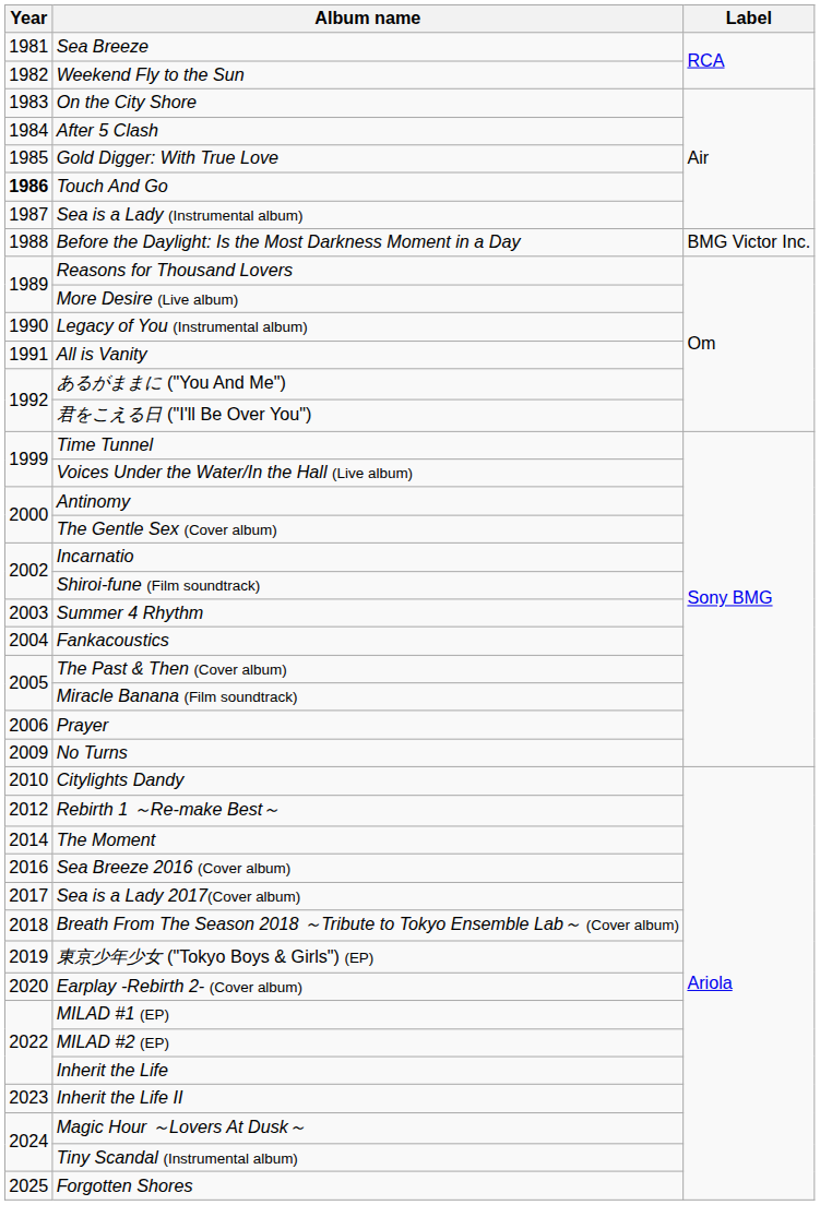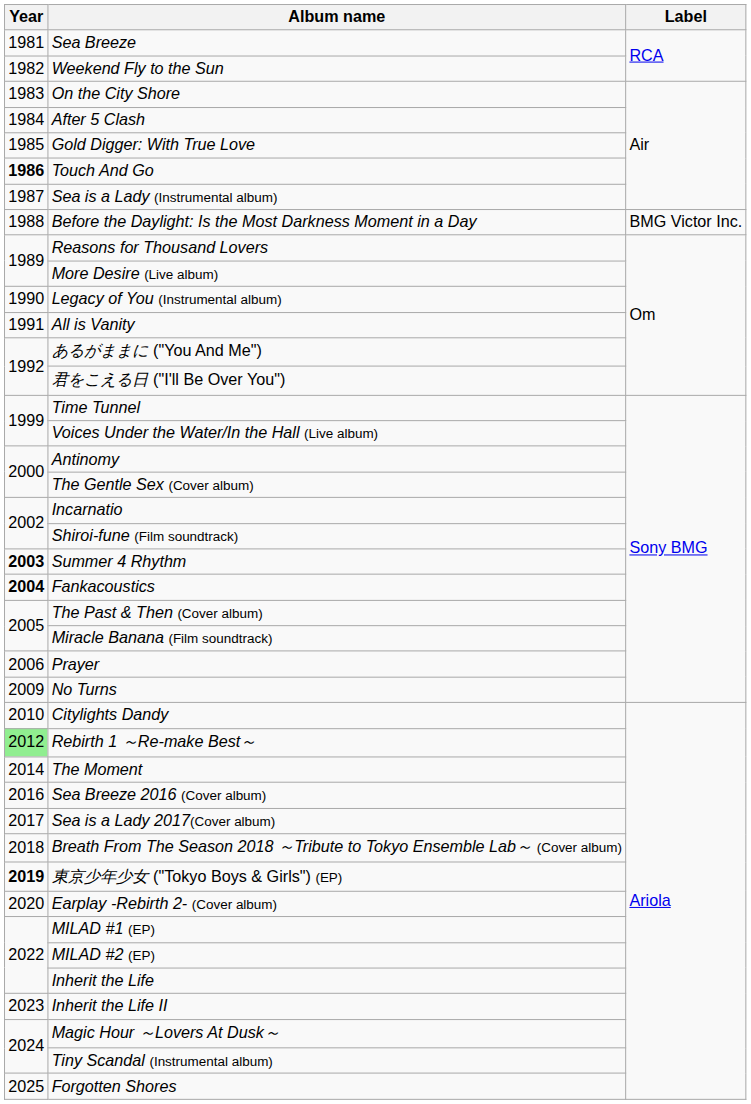 <table class="wikitable">
 <tr>
 <th>Year</th>
 <th>Album name</th>
 <th>Label</th>
 </tr>
 <tr>
 <td>1981</td>
 <td><em>Sea Breeze</em></td>
 <td rowspan="2" scope="row"><a href='#'>RCA</a></td>
 </tr>
 <tr>
 <td>1982</td>
 <td><em>Weekend Fly to the Sun</em></td>
 </tr>
 <tr>
 <td>1983</td>
 <td><em>On the City Shore</em></td>
 <td rowspan="5" scope="row">Air</td>
 </tr>
 <tr>
 <td>1984</td>
 <td><em>After 5 Clash</em></td>
 </tr>
 <tr>
 <td>1985</td>
 <td><em>Gold Digger: With True Love</em></td>
 </tr>
 <tr>
 <td><strong>1986</strong></td>
 <td><em>Touch And Go</em></td>
 </tr>
 <tr>
 <td>1987</td>
 <td><em>Sea is a Lady</em> <small>(Instrumental album)</small></td>
 </tr>
 <tr>
 <td>1988</td>
 <td><em>Before the Daylight: Is the Most Darkness Moment in a Day</em></td>
 <td>BMG Victor Inc.</td>
 </tr>
 <tr>
 <td rowspan="2" scope="row">1989</td>
 <td><em>Reasons for Thousand Lovers</em></td>
 <td rowspan="6" scope="row">Om</td>
 </tr>
 <tr>
 <td><em>More Desire</em> <small>(Live album)</small></td>
 </tr>
 <tr>
 <td>1990</td>
 <td><em>Legacy of You</em> <small>(Instrumental album)</small></td>
 </tr>
 <tr>
 <td>1991</td>
 <td><em>All is Vanity</em></td>
 </tr>
 <tr>
 <td rowspan="2">1992</td>
 <td><em>あるがままに</em> ("You And Me")</td>
 </tr>
 <tr>
 <td><em>君をこえる日</em> ("I'll Be Over You")</td>
 </tr>
 <tr>
 <td rowspan="2">1999</td>
 <td><em>Time Tunnel</em></td>
 <td rowspan="12" scope="row"><a href='#'>Sony BMG</a></td>
 </tr>
 <tr>
 <td><em>Voices Under the Water/In the Hall</em> <small>(Live album)</small></td>
 </tr>
 <tr>
 <td rowspan="2">2000</td>
 <td><em>Antinomy</em></td>
 </tr>
 <tr>
 <td><em>The Gentle Sex</em> <small>(Cover album)</small></td>
 </tr>
 <tr>
 <td rowspan="2">2002</td>
 <td><em>Incarnatio</em></td>
 </tr>
 <tr>
 <td><em>Shiroi-fune</em> <small>(Film soundtrack)</small></td>
 </tr>
 <tr>
-<td>2003</td>
+<td><strong>2003</strong></td>
 <td><em>Summer 4 Rhythm</em></td>
 </tr>
 <tr>
-<td>2004</td>
+<td><strong>2004</strong></td>
 <td><em>Fankacoustics</em></td>
 </tr>
 <tr>
 <td rowspan="2">2005</td>
 <td><em>The Past & Then</em> <small>(Cover album)</small></td>
 </tr>
 <tr>
 <td><em>Miracle Banana</em> <small>(Film soundtrack)</small></td>
 </tr>
 <tr>
 <td>2006</td>
 <td><em>Prayer</em></td>
 </tr>
 <tr>
 <td>2009</td>
 <td><em>No Turns</em></td>
 </tr>
 <tr>
 <td>2010</td>
 <td><em>Citylights Dandy</em></td>
 <td rowspan="15" scope="row"><a href='#'>Ariola</a></td>
 </tr>
 <tr>
-<td>2012</td>
+<td style="background: lightgreen;">2012</td>
 <td><em>Rebirth 1 ～Re-make Best～</em></td>
 </tr>
 <tr>
 <td>2014</td>
 <td><em>The Moment</em></td>
 </tr>
 <tr>
 <td>2016</td>
 <td><em>Sea Breeze 2016</em> <small>(Cover album)</small></td>
 </tr>
 <tr>
 <td>2017</td>
 <td><em>Sea is a Lady 2017</em><small>(Cover album)</small></td>
 </tr>
 <tr>
 <td>2018</td>
 <td><em>Breath From The Season 2018 ～Tribute to Tokyo Ensemble Lab～</em> <small>(Cover album)</small></td>
 </tr>
 <tr>
-<td>2019</td>
+<td><strong>2019</strong></td>
 <td><em>東京少年少女</em> ("Tokyo Boys & Girls") <small>(EP)</small></td>
 </tr>
 <tr>
 <td>2020</td>
 <td><em>Earplay -Rebirth 2-</em> <small>(Cover album)</small></td>
 </tr>
 <tr>
 <td rowspan="3">2022</td>
 <td><em>MILAD #1</em> <small>(EP)</small></td>
 </tr>
 <tr>
 <td><em>MILAD #2</em> <small>(EP)</small></td>
 </tr>
 <tr>
 <td><em>Inherit the Life</em></td>
 </tr>
 <tr>
 <td>2023</td>
 <td><em>Inherit the Life II</em></td>
 </tr>
 <tr>
 <td rowspan="2">2024</td>
 <td><em>Magic Hour ～Lovers At Dusk～</em></td>
 </tr>
 <tr>
 <td><em>Tiny Scandal</em> <small>(Instrumental album)</small></td>
 </tr>
 <tr>
 <td>2025</td>
 <td><em>Forgotten Shores</em></td>
 </tr>
 </table>
